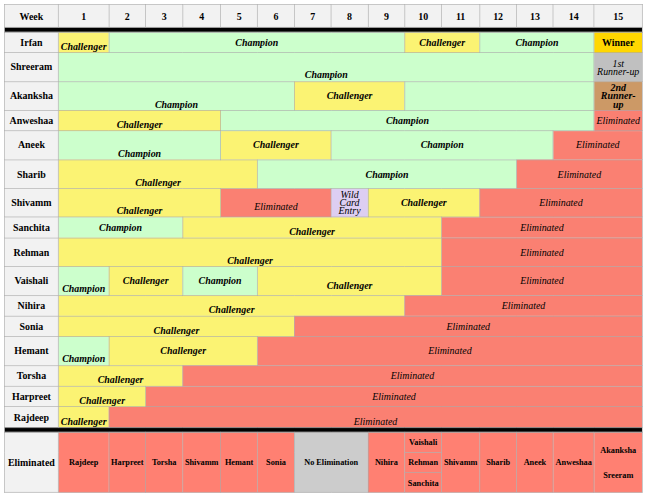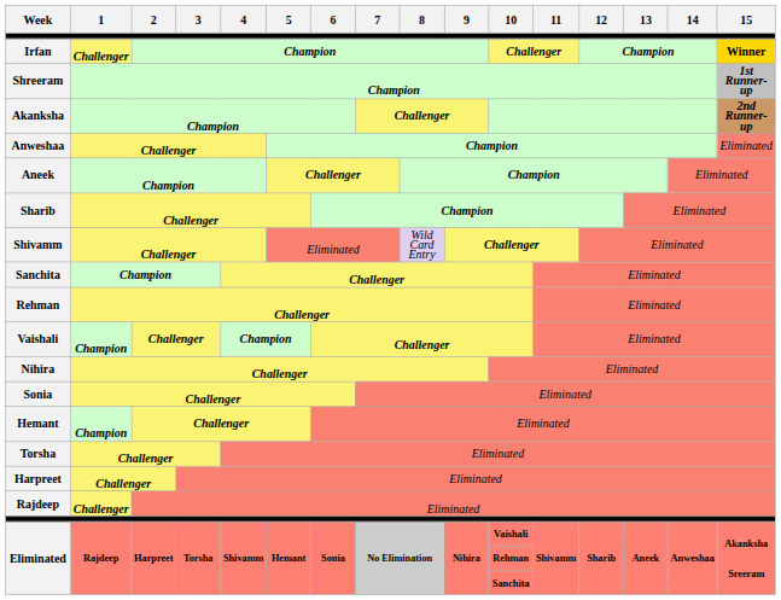 <table class="wikitable" style="text-align:center; font-size:100%; line-height:13px;">
 <tr>
 <th height=30 width=80>Week</th>
 <th width=52>1</th>
 <th width=52>2</th>
 <th width=52>3</th>
 <th width=52>4</th>
 <th width=52>5</th>
 <th width=52>6</th>
 <th width=52>7</th>
 <th width=52>8</th>
 <th width=52>9</th>
 <th width=52>10</th>
 <th width=52>11</th>
 <th width=52>12</th>
 <th width=52>13</th>
 <th width=52>14</th>
 <th width=52>15</th>
 </tr>
 <tr>
 <th colspan="18" style="background:#000;"></th>
 </tr>
 <tr>
 </tr>
 <tr>
 <th>Irfan</th>
 <td colspan=1 style="background:#FBF373;  text-align:center"><br><strong><em>Challenger</em></strong><br></td>
 <td colspan="8" style="background:#cfc;  text-align:center"><strong><em>Champion</em></strong></td>
 <td colspan="2" style="background:#FBF373;  text-align:center"><strong><em>Challenger</em></strong></td>
 <td colspan="3" style="background:#cfc;  text-align:center"><strong><em>Champion</em></strong></td>
 <td style="background:gold;  text-align:center"><strong>Winner</strong></td>
 </tr>
 <tr>
 <th>Shreeram</th>
 <td colspan=14  style="background:#cfc;  text-align:center"><br><br> <strong><em>Champion</em></strong></td>
-<td style="background:silver;  text-align:center"><em>1st Runner-up</em></td>
+<td style="background:silver;  text-align:center"><strong><em>1st Runner-up</em></strong></td>
 </tr>
 <tr>
 <th>Akanksha</th>
 <td colspan=6 style="background:#cfc;  text-align:center"><br><br><strong><em>Champion</em></strong></td>
 <td colspan="3" style="background:#FBF373;  text-align:center"><strong><em>Challenger</em></strong></td>
 <td colspan="5" style="background:#cfc;  text-align:center"></td>
 <td style="background:#c96;  text-align:center"><strong><em>2nd Runner-up</em></strong></td>
 </tr>
 <tr>
 <th>Anweshaa</th>
 <td colspan=4 style="background:#FBF373;  text-align:center"><br><strong><em>Challenger</em></strong><br></td>
 <td colspan="10" style="background:#cfc;  text-align:center"><strong><em>Champion</em></strong></td>
 <td colspan="18" style="background:#fa8072"><em>Eliminated</em></td>
 </tr>
 <tr>
 <th>Aneek</th>
 <td colspan=4 style="background:#cfc;  text-align:center"><br><br> <strong><em>Champion</em></strong></td>
 <td colspan="3" style="background:#FBF373;  text-align:center"><strong><em>Challenger</em></strong></td>
 <td colspan="6" style="background:#cfc;  text-align:center"><strong><em>Champion</em></strong></td>
 <td colspan="18" style="background:#fa8072"><em>Eliminated</em></td>
 </tr>
 <tr>
 <th>Sharib</th>
 <td colspan=5 style="background:#FBF373;  text-align:center"><br><br> <strong><em>Challenger</em></strong></td>
 <td colspan="7" style="background:#cfc;  text-align:center"><strong><em>Champion</em></strong></td>
 <td colspan="18" style="background:#fa8072"><em>Eliminated</em></td>
 </tr>
 <tr>
 <th>Shivamm</th>
 <td colspan=4 style="background:#FBF373;  text-align:center"><br><br> <strong><em>Challenger</em></strong></td>
 <td colspan="3" style="background:#fa8072"><br><em>Eliminated</em><br></td>
 <td colspan="1" style="background:#DDCEF2;  text-align:center"><em>Wild Card Entry</em></td>
 <td colspan="3" style="background:#FBF373;  text-align:center"><strong><em>Challenger</em></strong></td>
 <td colspan="18" style="background:#fa8072"><em>Eliminated</em></td>
 </tr>
 <tr>
 <th>Sanchita</th>
 <td colspan=3 style="background:#cfc;  text-align:center"><strong><em>Champion</em></strong></td>
 <td colspan="7" style="background:#FBF373;  text-align:center"><br><strong><em>Challenger</em></strong><br></td>
 <td colspan="18" style="background:#fa8072"><em>Eliminated</em></td>
 </tr>
 <tr>
 <th>Rehman</th>
 <td colspan=10 style="background:#FBF373;  text-align:center"><br><br> <strong><em>Challenger</em></strong></td>
 <td colspan="18" style="background:#fa8072"><em>Eliminated</em></td>
 </tr>
 <tr>
 <th>Vaishali</th>
 <td colspan=1 style="background:#cfc;  text-align:center"><br><br> <strong><em>Champion</em></strong></td>
 <td colspan="2" style="background:#FBF373;  text-align:center"><strong><em>Challenger</em></strong></td>
 <td colspan="2" style="background:#cfc;  text-align:center"><strong><em>Champion</em></strong></td>
 <td colspan="5" style="background:#FBF373;  text-align:center"><br><strong><em>Challenger</em></strong><br></td>
 <td colspan="18" style="background:#fa8072"><em>Eliminated</em></td>
 </tr>
 <tr>
 <th>Nihira</th>
 <td colspan=9 style="background:#FBF373;  text-align:center"><br><strong><em>Challenger</em></strong><br></td>
 <td colspan="18" style="background:#fa8072"><em>Eliminated</em></td>
 </tr>
 <tr>
 <th>Sonia</th>
 <td colspan=6 style="background:#FBF373;  text-align:center"><br><strong><em>Challenger</em></strong><br></td>
 <td colspan="18" style="background:#fa8072"><em>Eliminated</em></td>
 </tr>
 <tr>
 <th>Hemant</th>
 <td colspan=1 style="background:#cfc;  text-align:center"><br><br> <strong><em>Champion</em></strong></td>
 <td colspan="4" style="background:#FBF373;  text-align:center"><strong><em>Challenger</em></strong></td>
 <td colspan="18" style="background:#fa8072"><em>Eliminated</em></td>
 </tr>
 <tr>
 <th>Torsha</th>
 <td colspan=3 style="background:#FBF373;  text-align:center"><br><strong><em>Challenger</em></strong><br></td>
 <td colspan="18" style="background:#fa8072"><em>Eliminated</em></td>
 </tr>
 <tr>
 <th>Harpreet</th>
 <td colspan=2 style="background:#FBF373;  text-align:center"><br><strong><em>Challenger</em></strong><br></td>
 <td colspan="18" style="background:#fa8072"><em>Eliminated</em></td>
 </tr>
 <tr>
 <th>Rajdeep</th>
 <td colspan=1 style="background:#FBF373;  text-align:center"><br><strong><em>Challenger</em></strong><br></td>
 <td colspan="18" style="background:#fa8072"><br><em>Eliminated</em><br></td>
 </tr>
 <tr>
 <th colspan="18" style="background:#000;"></th>
 </tr>
 <tr>
 </tr>
 <tr>
 <th rowspan=3>Eliminated</th>
 <td style="background:#FF8072" rowspan="3"><small><strong>Rajdeep</strong></small></td>
 <td style="background:#FF8072" rowspan="3"><small> <strong>Harpreet</strong></small></td>
 <td style="background:#FF8072" rowspan="3"><small><strong>Torsha</strong></small></td>
 <td style="background:#FF8072" rowspan="3"><small> <strong>Shivamm</strong></small></td>
 <td style="background:#FF8072" rowspan="3"><small> <strong>Hemant</strong></small></td>
 <td style="background:#FF8072" rowspan="3"><small><strong>Sonia</strong></small></td>
 <td style="background:#ccc" colspan=2 rowspan="3"><small><strong>No Elimination</strong></small></td>
 <td style="background:#FF8072" rowspan="3"><small><strong>Nihira</strong></small></td>
 <td style="background:#FF8072" height=25><small><strong>Vaishali </strong></small></td>
 <td style="background:#FF8072" rowspan="3"><small><strong>Shivamm</strong></small></td>
 <td style="background:#FF8072" rowspan="3"><small><strong>Sharib</strong></small></td>
 <td style="background:#FF8072" rowspan="3"><small><strong>Aneek </strong></small></td>
 <td style="background:#FF8072" rowspan="3"><small><strong> Anweshaa </strong></small></td>
 <td style="background:#FF8072" rowspan="3"><small><strong>Akanksha</strong><br><br></small><br><small><strong>Sreeram</strong></small></td>
 </tr>
 <tr>
 <td style="background:#FF8072" height=25><small><strong>Rehman </strong></small></td>
 </tr>
 <tr>
 <td style="background:#FF8072" height=25><small><strong>Sanchita </strong></small></td>
 </tr>
 </table>
